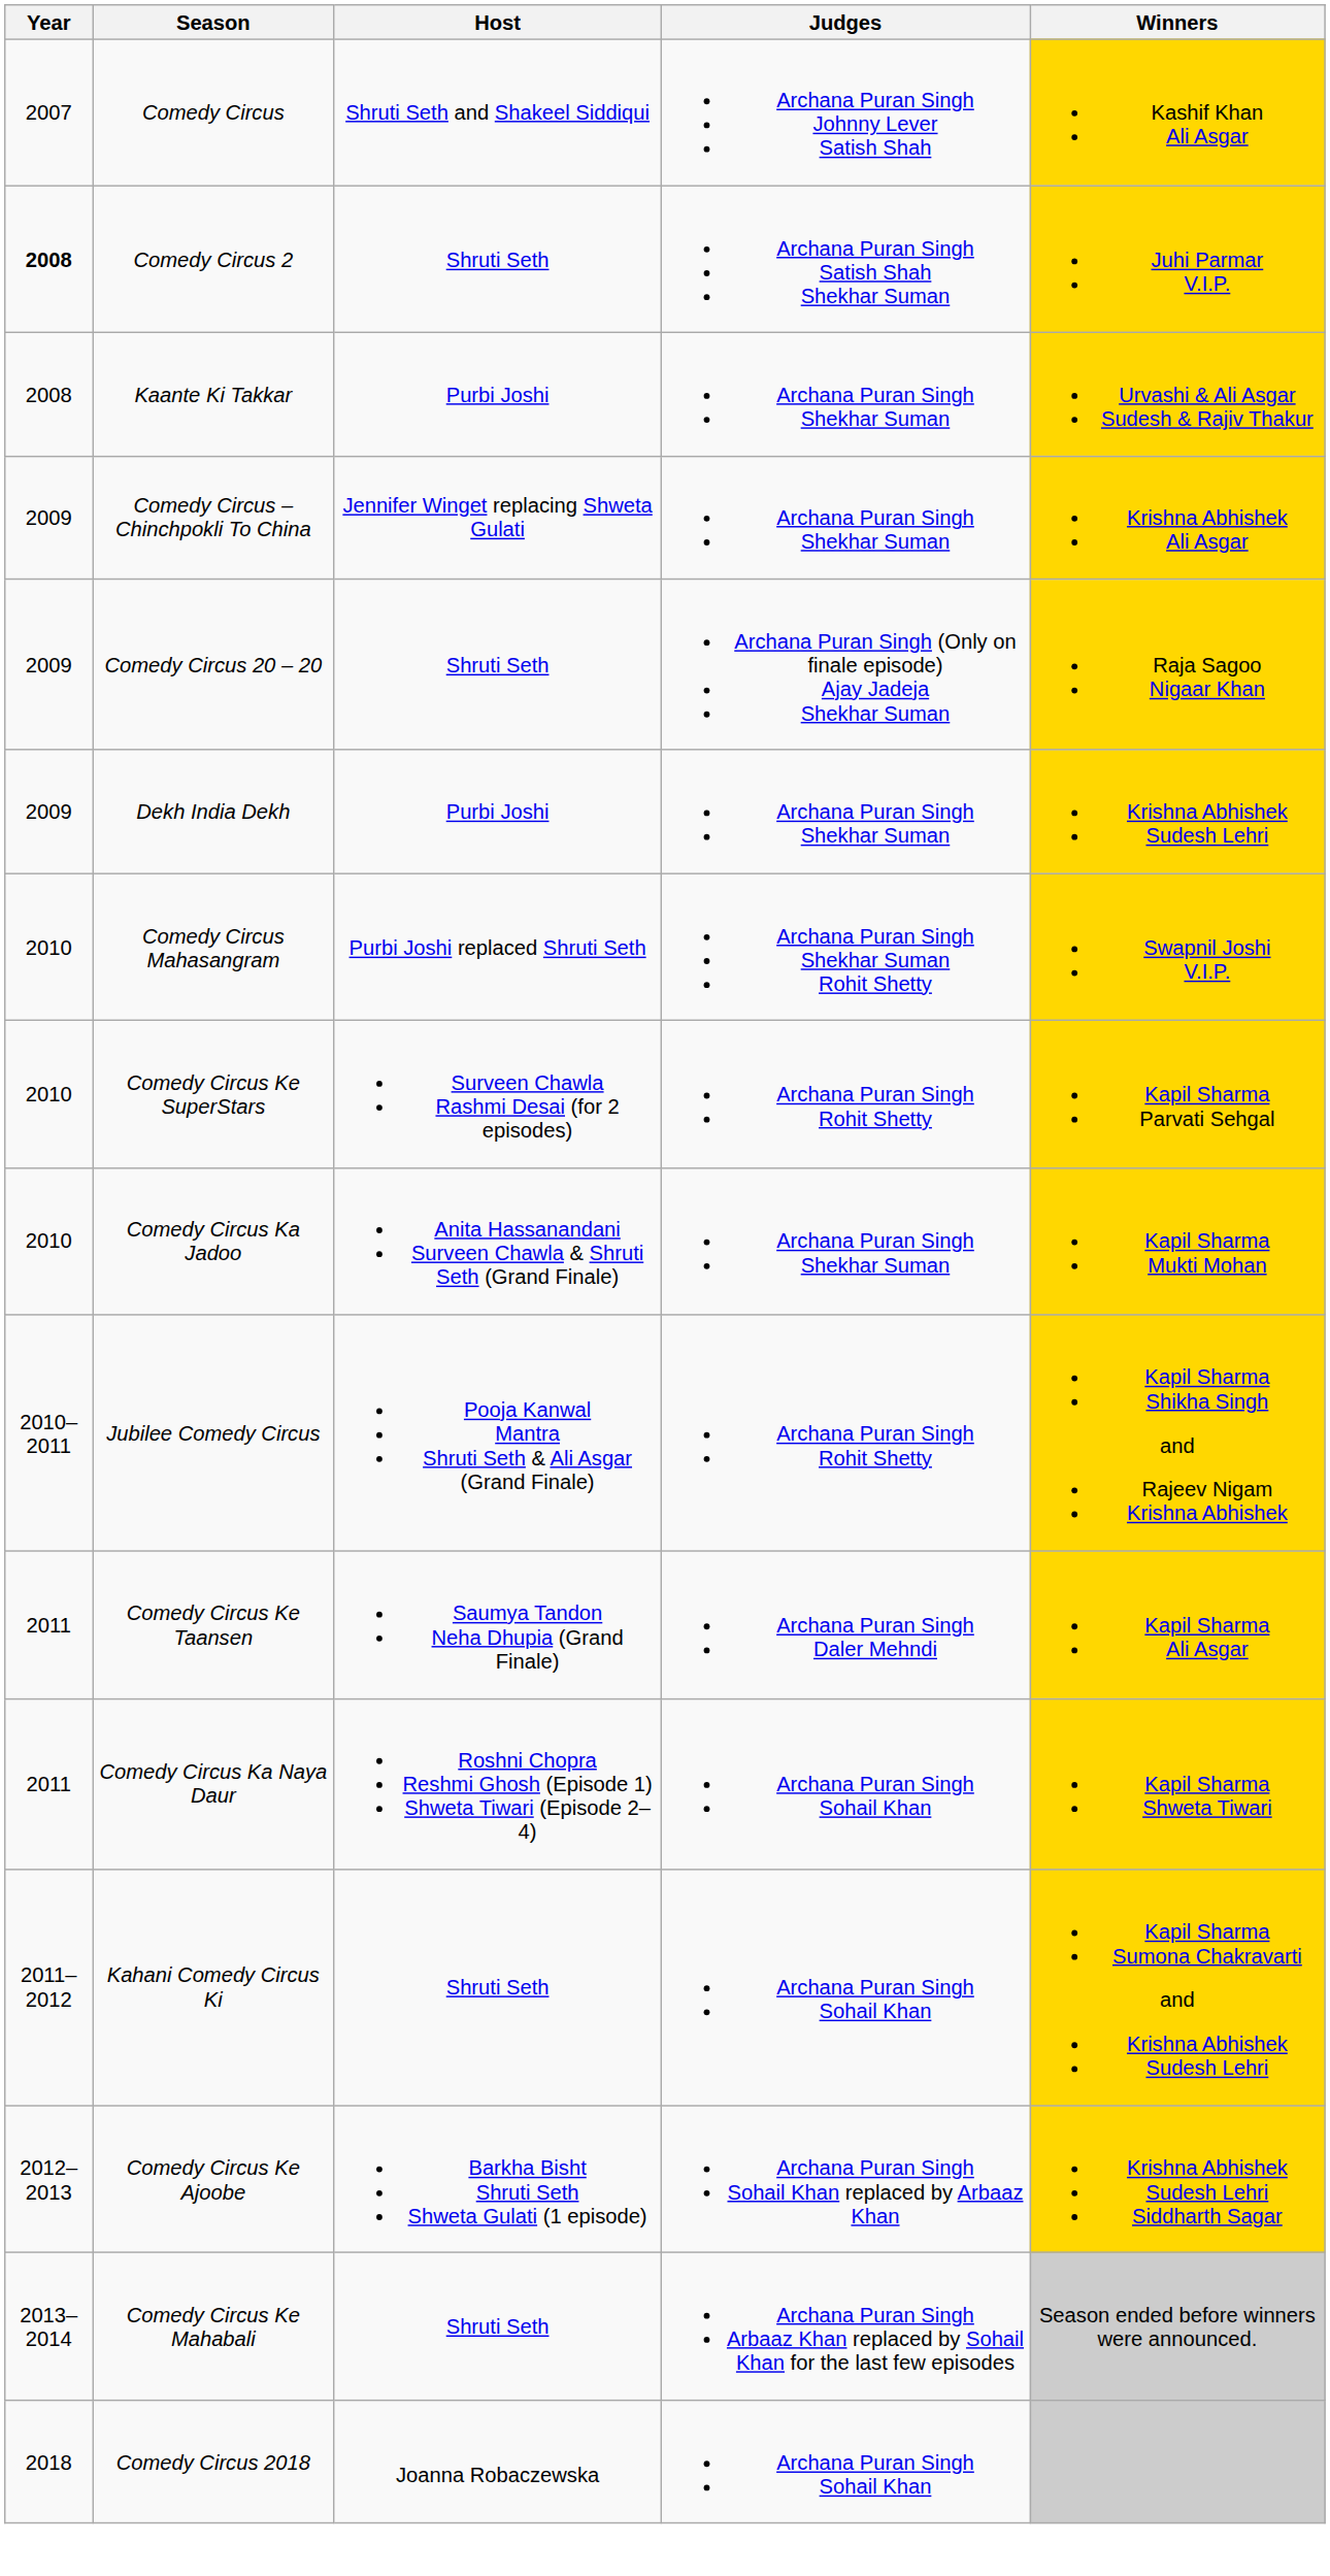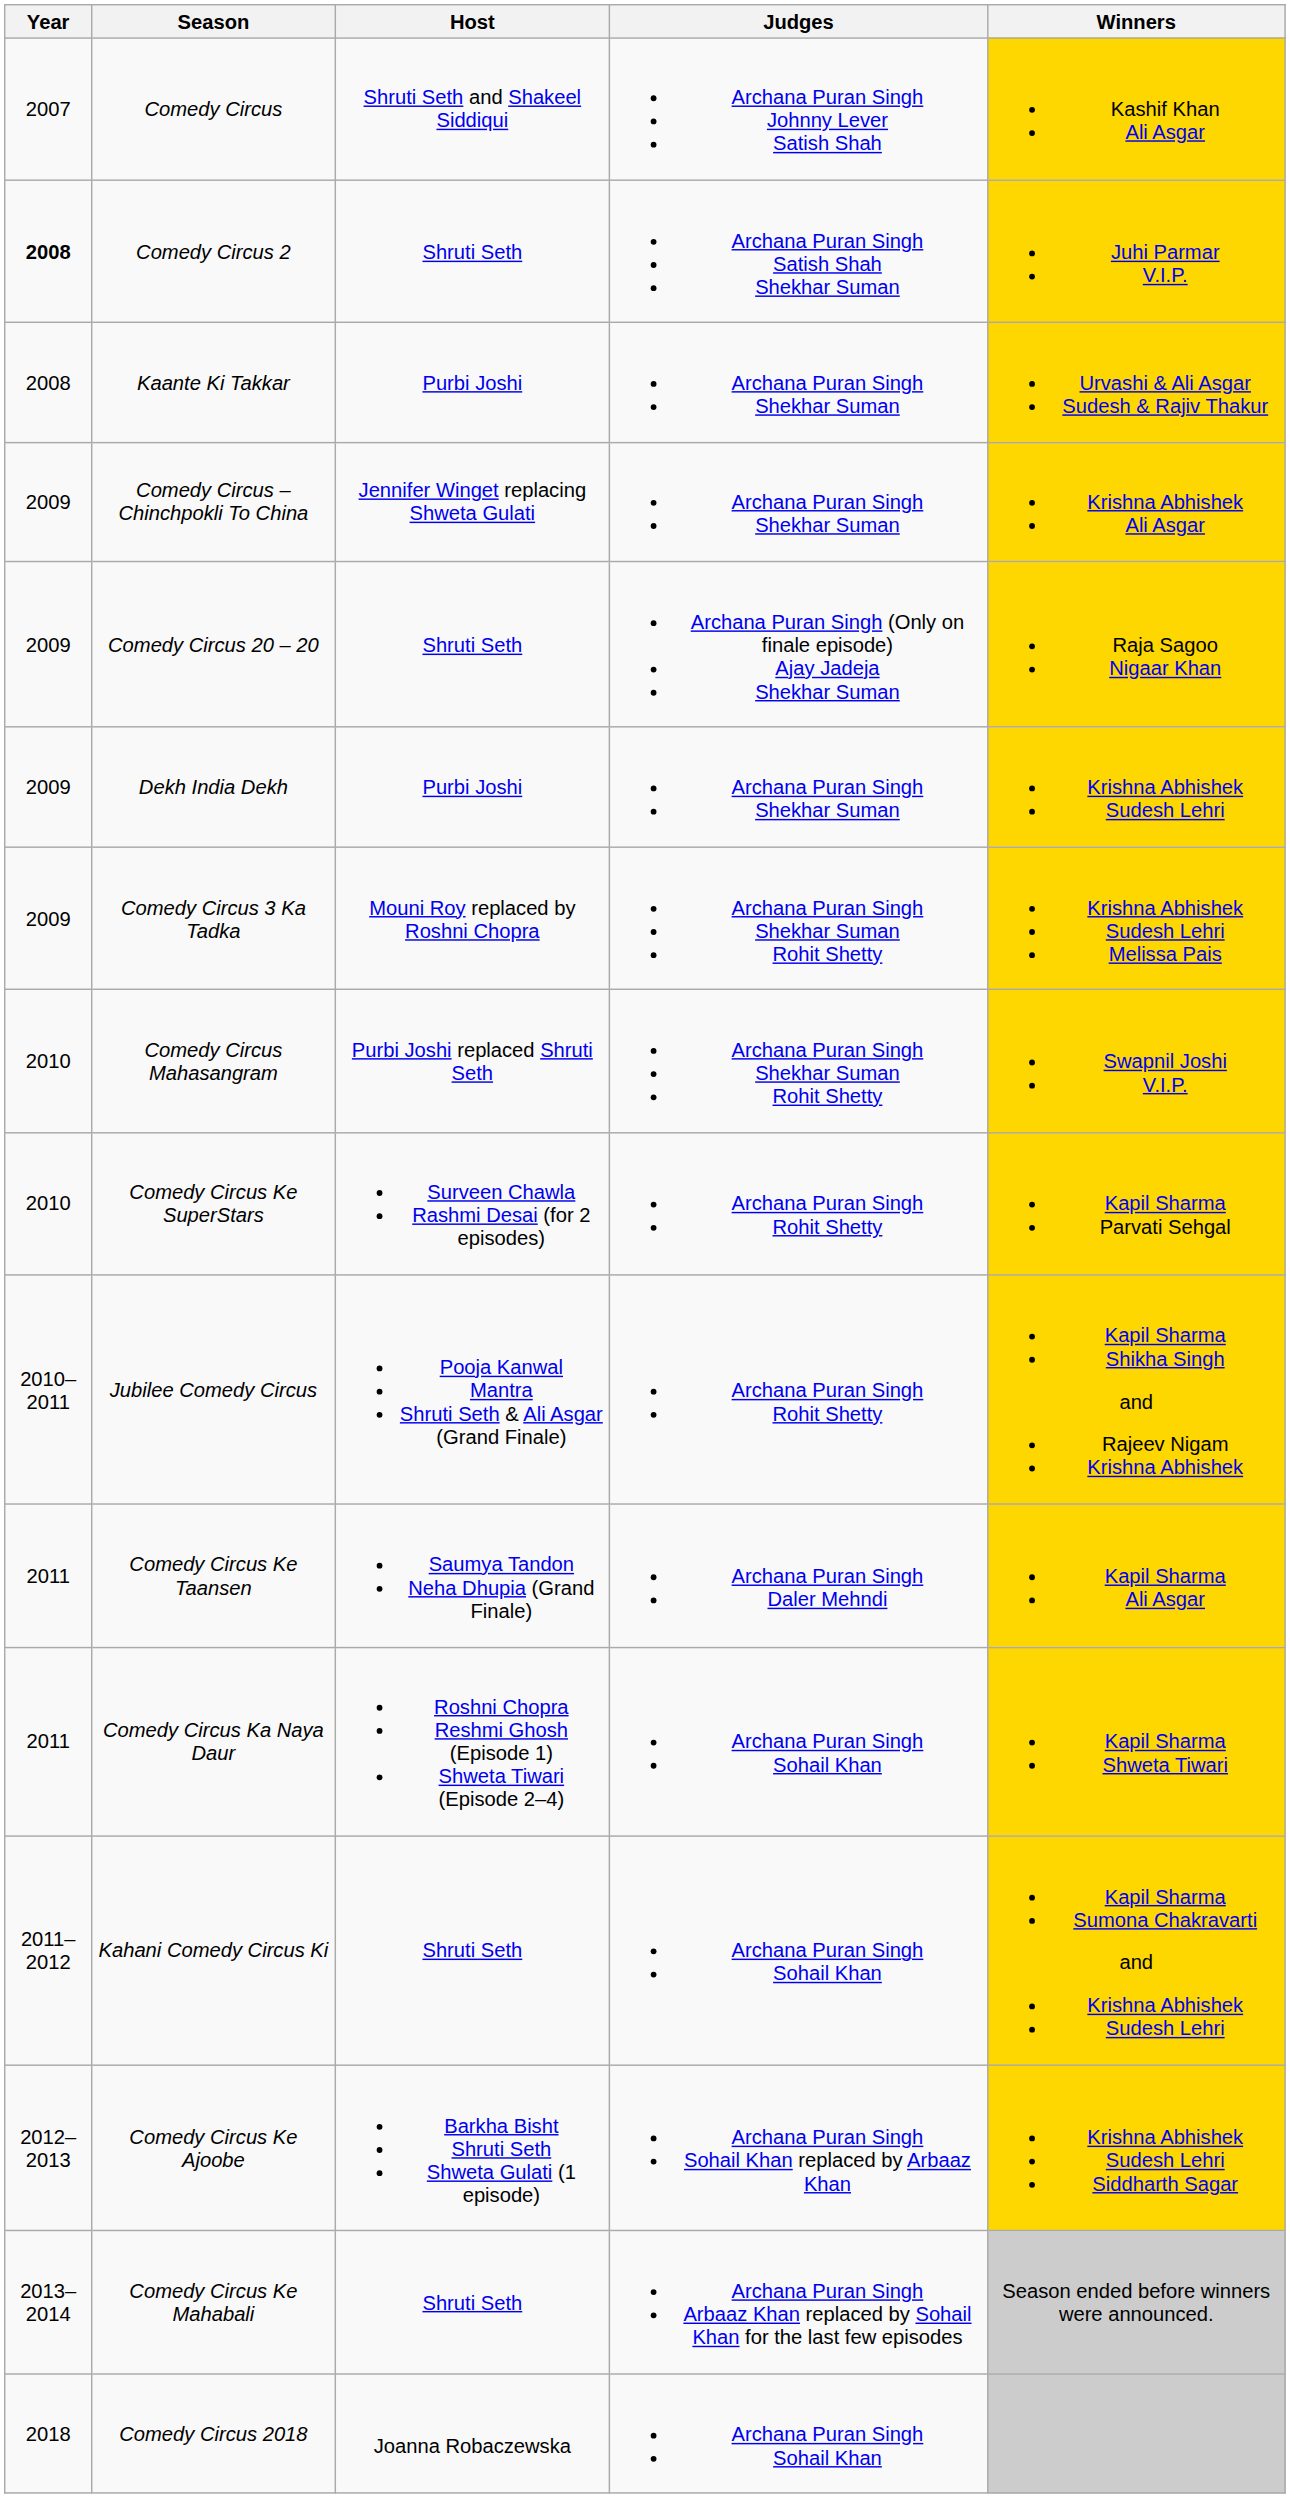 <table class="wikitable sortable" style="text-align:center;margin:auto;font-size:87%;">
 <tr>
 <th>Year</th>
 <th>Season</th>
 <th>Host</th>
 <th>Judges</th>
 <th>Winners</th>
 </tr>
 <tr>
 <td>2007</td>
 <td><em> Comedy Circus  </em></td>
 <td><a href='#'>Shruti Seth</a> and <a href='#'>Shakeel Siddiqui</a></td>
 <td><br><ul><li><a href='#'>Archana Puran Singh</a></li><li><a href='#'>Johnny Lever</a></li><li><a href='#'>Satish Shah</a></li></ul></td>
 <td Bgcolor=gold><br><ul><li>Kashif Khan</li><li><a href='#'>Ali Asgar</a></li></ul></td>
 </tr>
 <tr>
 <td><strong>2008</strong></td>
 <td><em>Comedy Circus 2 </em></td>
 <td><a href='#'>Shruti Seth</a></td>
 <td><br><ul><li><a href='#'>Archana Puran Singh</a></li><li><a href='#'>Satish Shah</a></li><li><a href='#'>Shekhar Suman</a></li></ul></td>
 <td Bgcolor=gold><br><ul><li><a href='#'>Juhi Parmar</a></li><li><a href='#'>V.I.P.</a></li></ul></td>
 </tr>
 <tr>
 <td>2008</td>
 <td><em> Kaante Ki Takkar </em></td>
 <td><a href='#'>Purbi Joshi</a></td>
 <td><br><ul><li><a href='#'>Archana Puran Singh</a></li><li><a href='#'>Shekhar Suman</a></li></ul></td>
 <td Bgcolor=gold><br><ul><li><a href='#'>Urvashi & Ali Asgar</a></li><li><a href='#'>Sudesh & Rajiv Thakur</a></li></ul></td>
 </tr>
 <tr>
 <td>2009</td>
 <td><em> Comedy Circus – Chinchpokli To China </em></td>
 <td><a href='#'>Jennifer Winget</a> replacing <a href='#'>Shweta Gulati</a></td>
 <td><br><ul><li><a href='#'>Archana Puran Singh</a></li><li><a href='#'>Shekhar Suman</a></li></ul></td>
 <td Bgcolor=gold><br><ul><li><a href='#'>Krishna Abhishek</a></li><li><a href='#'>Ali Asgar</a></li></ul></td>
 </tr>
 <tr>
 <td>2009</td>
 <td><em> Comedy Circus 20 – 20 </em></td>
 <td><a href='#'>Shruti Seth</a></td>
 <td><br><ul><li><a href='#'>Archana Puran Singh</a> (Only on finale episode)</li><li><a href='#'>Ajay Jadeja</a></li><li><a href='#'>Shekhar Suman</a></li></ul></td>
 <td Bgcolor=gold><br><ul><li>Raja Sagoo</li><li><a href='#'>Nigaar Khan</a></li></ul></td>
 </tr>
 <tr>
 <td>2009</td>
 <td><em> Dekh India Dekh </em></td>
 <td><a href='#'>Purbi Joshi</a></td>
 <td><br><ul><li><a href='#'>Archana Puran Singh</a></li><li><a href='#'>Shekhar Suman</a></li></ul></td>
 <td Bgcolor=gold><br><ul><li><a href='#'>Krishna Abhishek</a></li><li><a href='#'>Sudesh Lehri</a></li></ul></td>
 </tr>
 <tr>
+<td>2009</td>
+<td><em> Comedy Circus 3 Ka Tadka </em></td>
+<td><a href='#'>Mouni Roy</a> replaced by <a href='#'>Roshni Chopra</a></td>
+<td><br><ul><li><a href='#'>Archana Puran Singh</a></li><li><a href='#'>Shekhar Suman</a></li><li><a href='#'>Rohit Shetty</a></li></ul></td>
+<td Bgcolor=gold><br><ul><li><a href='#'>Krishna Abhishek</a></li><li><a href='#'>Sudesh Lehri</a></li><li><a href='#'>Melissa Pais</a></li></ul></td>
+</tr>
+<tr>
 <td>2010</td>
 <td><em> Comedy Circus Mahasangram </em></td>
 <td><a href='#'>Purbi Joshi</a> replaced <a href='#'>Shruti Seth</a></td>
 <td><br><ul><li><a href='#'>Archana Puran Singh</a></li><li><a href='#'>Shekhar Suman</a></li><li><a href='#'>Rohit Shetty</a></li></ul></td>
 <td Bgcolor=gold><br><ul><li><a href='#'>Swapnil Joshi</a></li><li><a href='#'>V.I.P.</a></li></ul></td>
 </tr>
 <tr>
 <td>2010</td>
 <td><em> Comedy Circus Ke SuperStars </em></td>
 <td><br><ul><li><a href='#'>Surveen Chawla</a></li><li><a href='#'>Rashmi Desai</a> (for 2 episodes)</li></ul></td>
 <td><br><ul><li><a href='#'>Archana Puran Singh</a></li><li><a href='#'>Rohit Shetty</a></li></ul></td>
 <td Bgcolor=gold><br><ul><li><a href='#'>Kapil Sharma</a></li><li>Parvati Sehgal</li></ul></td>
-</tr>
-<tr>
-<td>2010</td>
-<td><em> Comedy Circus Ka Jadoo </em></td>
-<td><br><ul><li><a href='#'>Anita Hassanandani</a></li><li><a href='#'>Surveen Chawla</a> & <a href='#'>Shruti Seth</a> (Grand Finale)</li></ul></td>
-<td><br><ul><li><a href='#'>Archana Puran Singh</a></li><li><a href='#'>Shekhar Suman</a></li></ul></td>
-<td Bgcolor=gold><br><ul><li><a href='#'>Kapil Sharma</a></li><li><a href='#'>Mukti Mohan</a></li></ul></td>
 </tr>
 <tr>
 <td>2010–2011</td>
 <td><em> Jubilee Comedy Circus </em></td>
 <td><br><ul><li><a href='#'>Pooja Kanwal</a></li><li><a href='#'>Mantra</a></li><li><a href='#'>Shruti Seth</a> & <a href='#'>Ali Asgar</a> (Grand Finale)</li></ul></td>
 <td><br><ul><li><a href='#'>Archana Puran Singh</a></li><li><a href='#'>Rohit Shetty</a></li></ul></td>
 <td Bgcolor=gold><br><ul><li><a href='#'>Kapil Sharma</a></li><li><a href='#'>Shikha Singh</a></li></ul>and<ul><li>Rajeev Nigam</li><li><a href='#'>Krishna Abhishek</a></li></ul></td>
 </tr>
 <tr>
 <td>2011</td>
 <td><em> Comedy Circus Ke Taansen </em></td>
 <td><br><ul><li><a href='#'>Saumya Tandon</a></li><li><a href='#'>Neha Dhupia</a> (Grand Finale)</li></ul></td>
 <td><br><ul><li><a href='#'>Archana Puran Singh</a></li><li><a href='#'>Daler Mehndi</a></li></ul></td>
 <td Bgcolor=gold><br><ul><li><a href='#'>Kapil Sharma</a></li><li><a href='#'>Ali Asgar</a></li></ul></td>
 </tr>
 <tr>
 <td>2011</td>
 <td><em> Comedy Circus Ka Naya Daur </em></td>
 <td><br><ul><li><a href='#'>Roshni Chopra</a></li><li><a href='#'>Reshmi Ghosh</a> (Episode 1)</li><li><a href='#'>Shweta Tiwari</a> (Episode 2–4)</li></ul></td>
 <td><br><ul><li><a href='#'>Archana Puran Singh</a></li><li><a href='#'>Sohail Khan</a></li></ul></td>
 <td Bgcolor=gold><br><ul><li><a href='#'>Kapil Sharma</a></li><li><a href='#'>Shweta Tiwari</a></li></ul></td>
 </tr>
 <tr>
 <td>2011–2012</td>
 <td><em> Kahani Comedy Circus Ki </em></td>
 <td><a href='#'>Shruti Seth</a></td>
 <td><br><ul><li><a href='#'>Archana Puran Singh</a></li><li><a href='#'>Sohail Khan</a></li></ul></td>
 <td Bgcolor=gold><br><ul><li><a href='#'>Kapil Sharma</a></li><li><a href='#'>Sumona Chakravarti</a></li></ul>and<ul><li><a href='#'>Krishna Abhishek</a></li><li><a href='#'>Sudesh Lehri</a></li></ul></td>
 </tr>
 <tr>
 <td>2012–2013</td>
 <td><em> Comedy Circus Ke Ajoobe </em></td>
 <td><br><ul><li><a href='#'>Barkha Bisht</a></li><li><a href='#'>Shruti Seth</a></li><li><a href='#'>Shweta Gulati</a> (1 episode)</li></ul></td>
 <td><br><ul><li><a href='#'>Archana Puran Singh</a></li><li><a href='#'>Sohail Khan</a> replaced by <a href='#'>Arbaaz Khan</a></li></ul></td>
 <td Bgcolor=gold><br><ul><li><a href='#'>Krishna Abhishek</a></li><li><a href='#'>Sudesh Lehri</a></li><li><a href='#'>Siddharth Sagar</a></li></ul></td>
 </tr>
 <tr>
 <td>2013–2014</td>
 <td><em> Comedy Circus Ke Mahabali </em></td>
 <td><a href='#'>Shruti Seth</a></td>
 <td><br><ul><li><a href='#'>Archana Puran Singh</a></li><li><a href='#'>Arbaaz Khan</a> replaced by <a href='#'>Sohail Khan</a> for the last few episodes </li></ul></td>
 <td Bgcolor =#ccc>Season ended before winners were announced.</td>
 </tr>
 <tr>
 <td>2018</td>
 <td><em> Comedy Circus 2018 </em></td>
 <td><br>Joanna Robaczewska</td>
 <td><br><ul><li><a href='#'>Archana Puran Singh</a></li><li><a href='#'>Sohail Khan</a></li></ul></td>
 <td Bgcolor=#ccc></td>
 </tr>
 </table>
